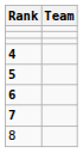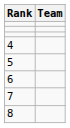 <table class="wikitable" border="1">
 <tr>
 <th>Rank</th>
 <th>Team</th>
 </tr>
 <tr>
 <td></td>
 <td></td>
 </tr>
 <tr>
 <td></td>
 <td></td>
 </tr>
 <tr>
 <td></td>
 <td></td>
 </tr>
 <tr>
-<td><strong>4</strong></td>
+<td>4</td>
 <td></td>
 </tr>
 <tr>
-<td><strong>5</strong></td>
+<td>5</td>
 <td></td>
 </tr>
 <tr>
-<td><strong>6</strong></td>
+<td>6</td>
 <td></td>
 </tr>
 <tr>
-<td><strong>7</strong></td>
+<td>7</td>
 <td></td>
 </tr>
 <tr>
 <td>8</td>
 <td></td>
 </tr>
 </table>
